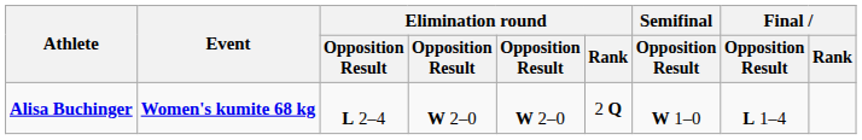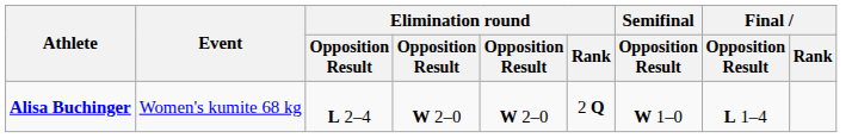 <table class=wikitable style=font-size:90%;text-align:center>
 <tr>
 <th rowspan=2>Athlete</th>
 <th rowspan=2>Event</th>
 <th colspan=4>Elimination round</th>
 <th>Semifinal</th>
 <th colspan=2>Final / </th>
 </tr>
 <tr style=font-size:95%>
 <th>Opposition<br>Result</th>
 <th>Opposition<br>Result</th>
 <th>Opposition<br>Result</th>
 <th>Rank</th>
 <th>Opposition<br>Result</th>
 <th>Opposition<br>Result</th>
 <th>Rank</th>
 </tr>
 <tr>
 <td align=left><strong><a href='#'>Alisa Buchinger</a></strong></td>
-<td align=left><strong><a href='#'>Women's kumite 68 kg</a></strong></td>
+<td align=left><a href='#'>Women's kumite 68 kg</a></td>
 <td><br><strong>L</strong> 2–4</td>
 <td><br><strong>W</strong> 2–0</td>
 <td><br><strong>W</strong> 2–0</td>
 <td>2 <strong>Q</strong></td>
 <td><br><strong>W</strong> 1–0</td>
 <td><br><strong>L</strong> 1–4</td>
 <td></td>
 </tr>
 </table>
